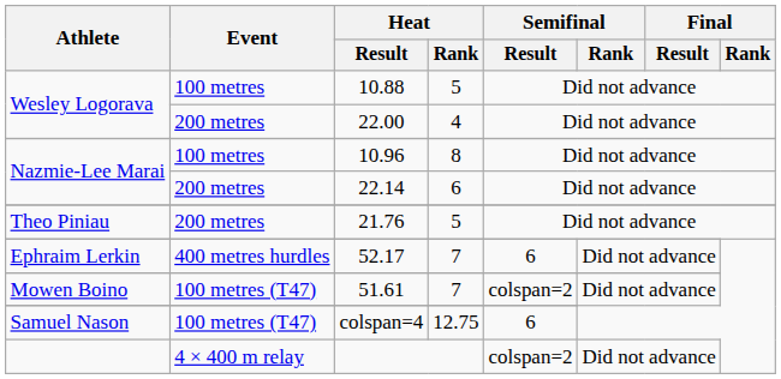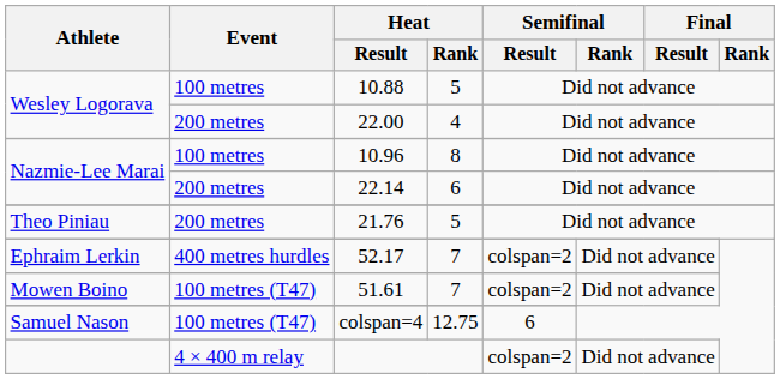 <table class=wikitable style=font-size:90%>
 <tr>
 <th rowspan=2>Athlete</th>
 <th rowspan=2>Event</th>
 <th colspan=2>Heat</th>
 <th colspan=2>Semifinal</th>
 <th colspan=2>Final</th>
 </tr>
 <tr style=font-size:95%>
 <th>Result</th>
 <th>Rank</th>
 <th>Result</th>
 <th>Rank</th>
 <th>Result</th>
 <th>Rank</th>
 </tr>
 <tr align=center>
 <td align=left rowspan=2><a href='#'>Wesley Logorava</a></td>
 <td align=left><a href='#'>100 metres</a></td>
 <td>10.88</td>
 <td>5</td>
 <td colspan=4>Did not advance</td>
 </tr>
 <tr align=center>
 <td align=left><a href='#'>200 metres</a></td>
 <td>22.00</td>
 <td>4</td>
 <td colspan=4>Did not advance</td>
 </tr>
 <tr>
 </tr>
 <tr align=center>
 <td align=left rowspan=2><a href='#'>Nazmie-Lee Marai</a></td>
 <td align=left><a href='#'>100 metres</a></td>
 <td>10.96</td>
 <td>8</td>
 <td colspan=4>Did not advance</td>
 </tr>
 <tr align=center>
 <td align=left><a href='#'>200 metres</a></td>
 <td>22.14</td>
 <td>6</td>
 <td colspan=4>Did not advance</td>
 </tr>
 <tr>
 </tr>
 <tr align=center>
 <td align=left><a href='#'>Theo Piniau</a></td>
 <td align=left><a href='#'>200 metres</a></td>
 <td>21.76</td>
 <td>5</td>
 <td colspan=4>Did not advance</td>
 </tr>
 <tr>
 </tr>
 <tr align=center>
 <td align=left><a href='#'>Ephraim Lerkin</a></td>
 <td align=left><a href='#'>400 metres hurdles</a></td>
 <td>52.17</td>
 <td>7</td>
-<td>6</td>
+<td>colspan=2</td>
 <td colspan=2>Did not advance</td>
 </tr>
 <tr>
 </tr>
 <tr align=center>
 <td align=left><a href='#'>Mowen Boino</a></td>
 <td align=left><a href='#'>100 metres (T47)</a></td>
 <td>51.61</td>
 <td>7</td>
 <td>colspan=2</td>
 <td colspan=2>Did not advance</td>
 </tr>
 <tr>
 </tr>
 <tr align=center>
 <td align=left><a href='#'>Samuel Nason</a></td>
 <td align=left><a href='#'>100 metres (T47)</a></td>
 <td>colspan=4</td>
 <td>12.75</td>
 <td>6</td>
 </tr>
 <tr align=center>
 <td align=left></td>
 <td align=left><a href='#'>4 × 400 m relay</a></td>
 <td colspan=2></td>
 <td>colspan=2 </td>
 <td colspan=2>Did not advance</td>
 </tr>
 </table>
